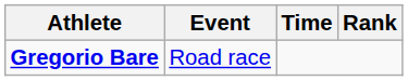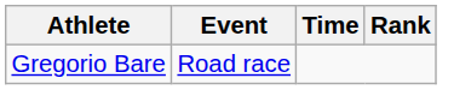 <table class=wikitable style=font-size:90%;text-align:center>
 <tr>
 <th>Athlete</th>
 <th>Event</th>
 <th>Time</th>
 <th>Rank</th>
 </tr>
 <tr>
-<td align=left><strong><a href='#'>Gregorio Bare</a></strong></td>
+<td align=left><a href='#'>Gregorio Bare</a></td>
 <td align=left rowspan=5><a href='#'>Road race</a></td>
 <td colspan=2></td>
 </tr>
 </table>
